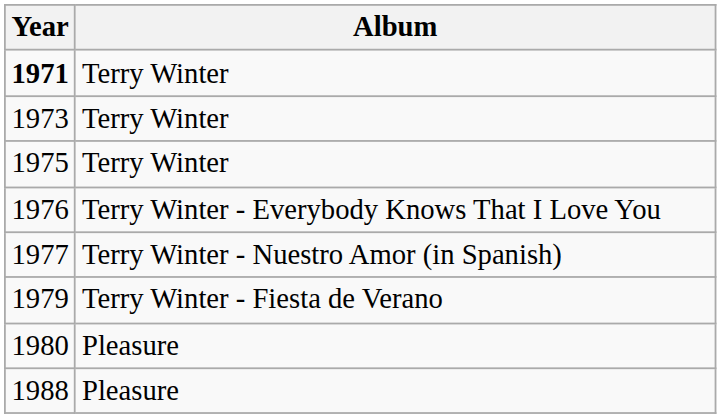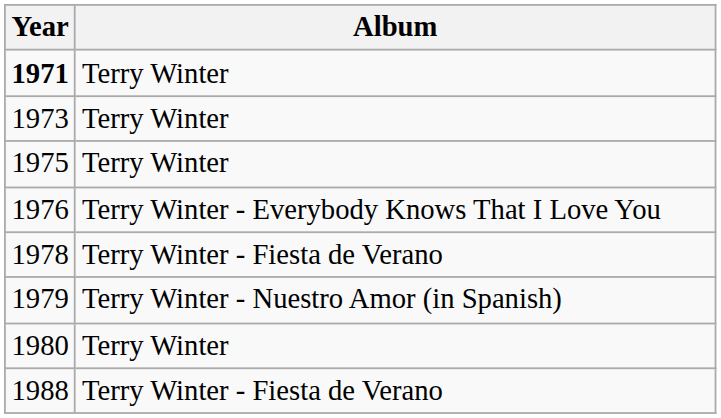 <table Class = "wikitable" style = text-align: center;>
 <tr>
 <th>Year</th>
 <th Width = 350>Album</th>
 </tr>
 <tr style = text-align: left;>
 <td><strong>1971</strong></td>
 <td>Terry Winter<br></td>
 </tr>
 <tr style = text-align: left;>
 <td>1973</td>
 <td>Terry Winter<br></td>
 </tr>
 <tr style = text-align: left;>
 <td>1975</td>
 <td>Terry Winter<br></td>
 </tr>
 <tr style = text-align: left;>
 <td>1976</td>
 <td>Terry Winter - Everybody Knows That I Love You<br></td>
 </tr>
 <tr style = text-align: left;>
-<td>1977</td>
+<td>1978</td>
+<td>Terry Winter - Fiesta de Verano<br></td>
+</tr>
+<tr style = text-align: left;>
+<td>1979</td>
 <td>Terry Winter - Nuestro Amor (in Spanish)<br></td>
 </tr>
 <tr style = text-align: left;>
-<td>1979</td>
-<td>Terry Winter - Fiesta de Verano<br></td>
-</tr>
-<tr style = text-align: left;>
 <td>1980</td>
-<td>Pleasure<br></td>
+<td>Terry Winter<br></td>
 </tr>
 <tr style = text-align: left;>
 <td>1988</td>
-<td>Pleasure<br></td>
+<td>Terry Winter - Fiesta de Verano<br></td>
 </tr>
 </table>
